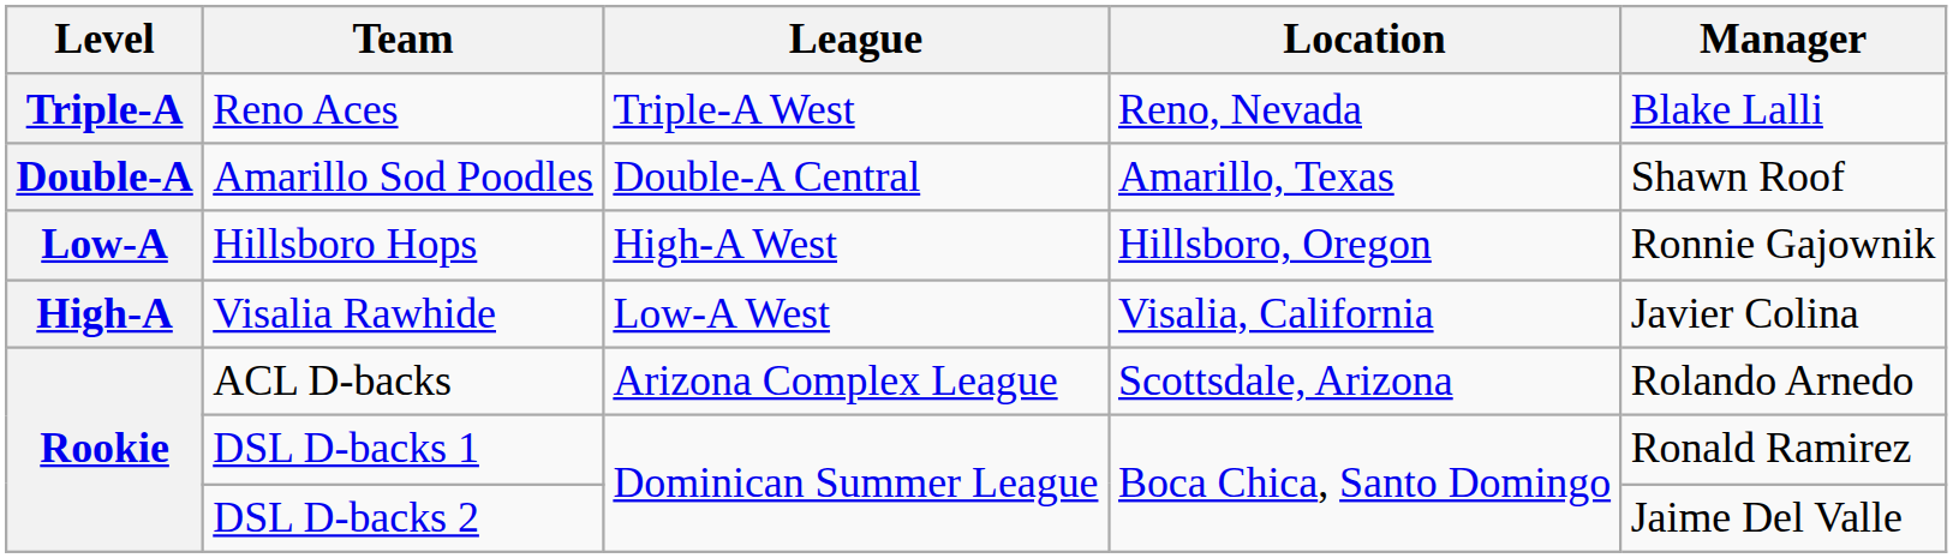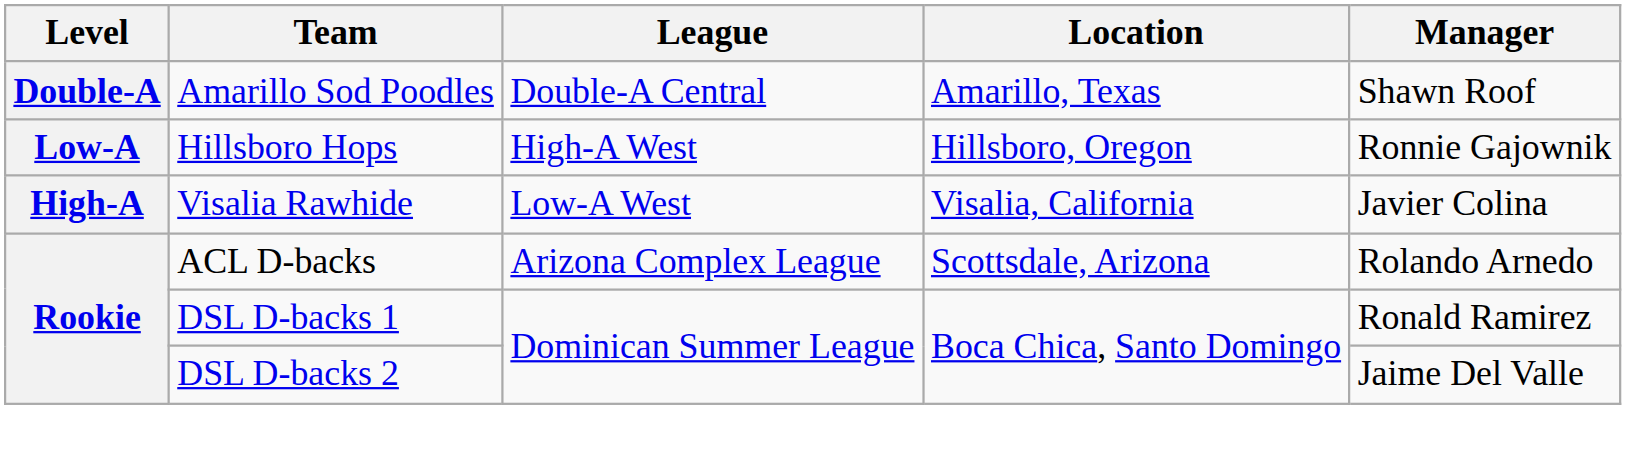 <table class="wikitable plainrowheaders">
 <tr>
 <th scope="col" style="text-align:center; ">Level</th>
 <th scope="col" style="text-align:center; ">Team</th>
 <th scope="col" style="text-align:center; ">League</th>
 <th scope="col" style="text-align:center; ">Location</th>
 <th scope="col" style="text-align:center; ">Manager</th>
-</tr>
-<tr>
-<th scope="row"><a href='#'>Triple-A</a></th>
-<td><a href='#'>Reno Aces</a></td>
-<td><a href='#'>Triple-A West</a></td>
-<td><a href='#'>Reno, Nevada</a></td>
-<td><a href='#'>Blake Lalli</a></td>
 </tr>
 <tr>
 <th scope="row"><a href='#'>Double-A</a></th>
 <td><a href='#'>Amarillo Sod Poodles</a></td>
 <td><a href='#'>Double-A Central</a></td>
 <td><a href='#'>Amarillo, Texas</a></td>
 <td>Shawn Roof</td>
 </tr>
 <tr>
 <th scope="row"><a href='#'>Low-A</a></th>
 <td><a href='#'>Hillsboro Hops</a></td>
 <td><a href='#'>High-A West</a></td>
 <td><a href='#'>Hillsboro, Oregon</a></td>
 <td>Ronnie Gajownik</td>
 </tr>
 <tr>
 <th scope="row"><a href='#'>High-A</a></th>
 <td><a href='#'>Visalia Rawhide</a></td>
 <td><a href='#'>Low-A West</a></td>
 <td><a href='#'>Visalia, California</a></td>
 <td>Javier Colina</td>
 </tr>
 <tr>
 <th scope="row" rowspan=4><a href='#'>Rookie</a></th>
 <td>ACL D-backs</td>
 <td><a href='#'>Arizona Complex League</a></td>
 <td><a href='#'>Scottsdale, Arizona</a></td>
 <td>Rolando Arnedo</td>
 </tr>
 <tr>
 <td><a href='#'>DSL D-backs 1</a></td>
 <td rowspan=2><a href='#'>Dominican Summer League</a></td>
 <td rowspan=2><a href='#'>Boca Chica</a>, <a href='#'>Santo Domingo</a></td>
 <td>Ronald Ramirez</td>
 </tr>
 <tr>
 <td><a href='#'>DSL D-backs 2</a></td>
 <td>Jaime Del Valle</td>
 </tr>
 </table>
